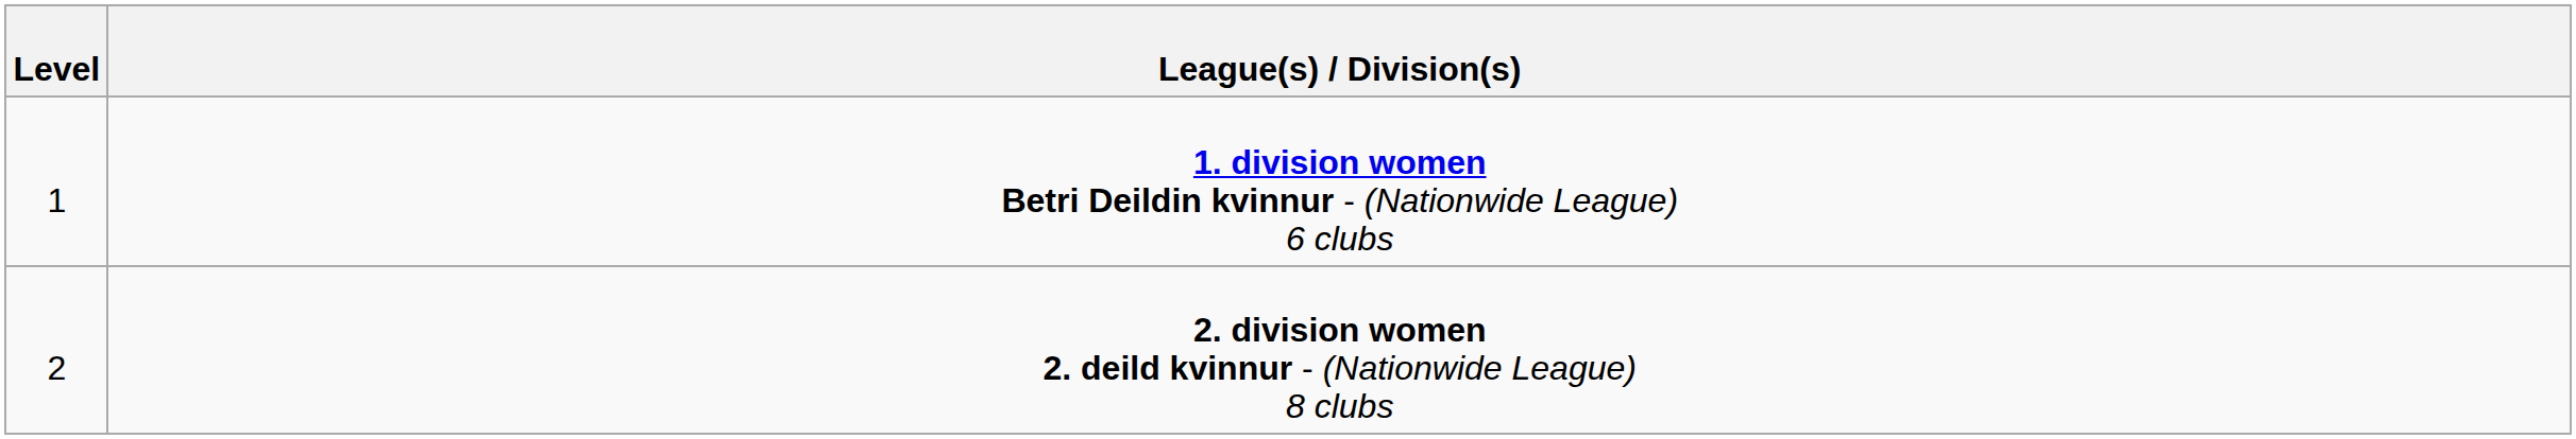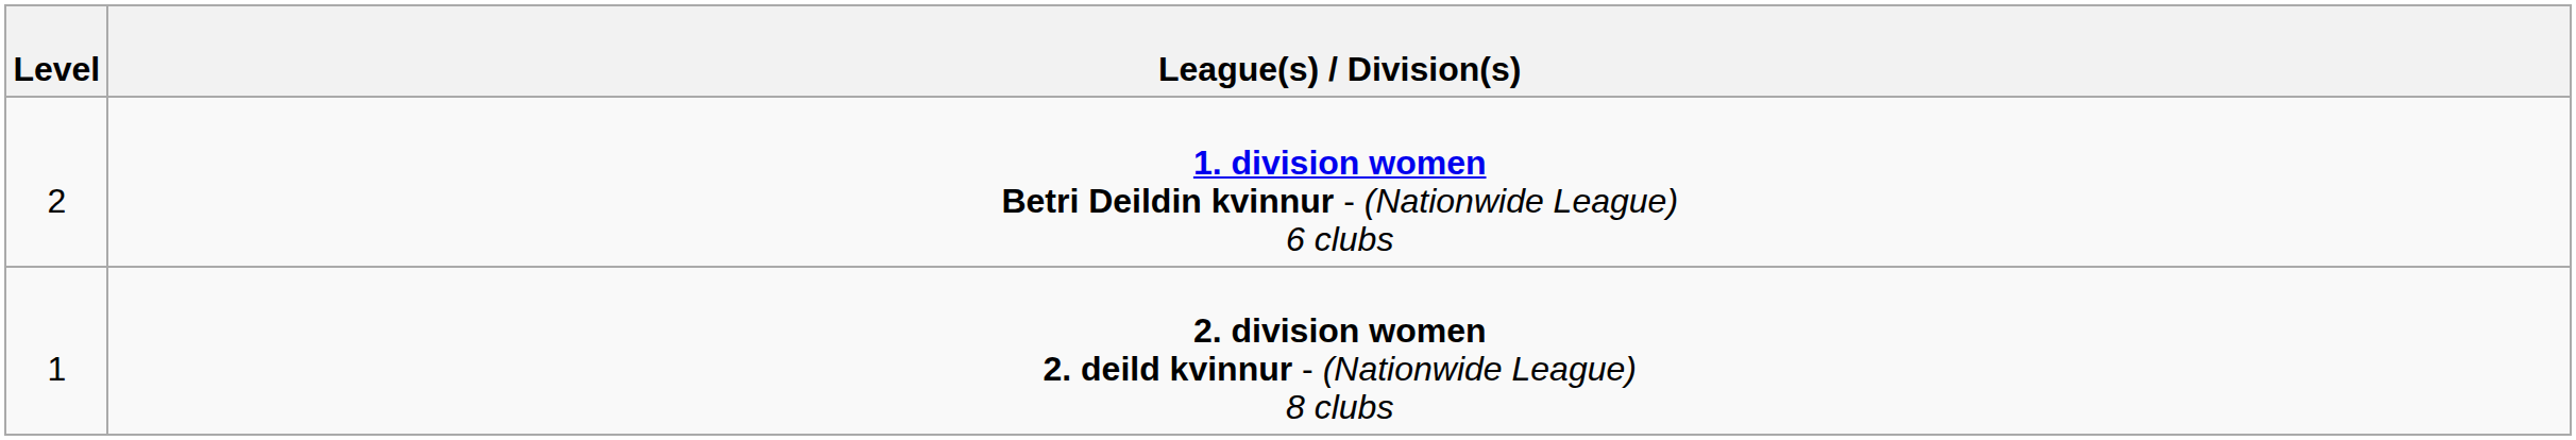 <table class="wikitable" style="text-align: center;">
 <tr>
 <th colspan="1" width="4%"><br>Level</th>
 <th colspan="8" width="96%"><br>League(s) / Division(s)</th>
 </tr>
 <tr>
-<td colspan="1" width="4%"><br>1</td>
+<td colspan="1" width="4%"><br>2</td>
 <td colspan="8" width="96%"><br><strong><a href='#'>1. division women</a></strong><br> <strong>Betri Deildin kvinnur</strong> - <em>(Nationwide League)</em><br> <em>6 clubs</em></td>
 </tr>
 <tr>
-<td colspan="1" width="4%"><br>2</td>
+<td colspan="1" width="4%"><br>1</td>
 <td colspan="8" width="96%"><br><strong>2. division women</strong><br> <strong>2. deild kvinnur</strong> - <em>(Nationwide League)</em> <br> <em>8 clubs</em></td>
 </tr>
 </table>
